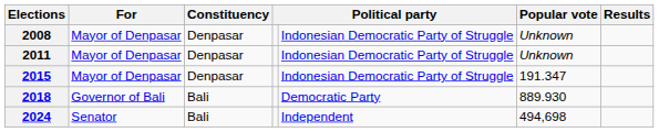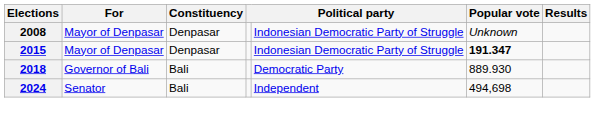 <table class="wikitable">
 <tr>
 <th>Elections</th>
 <th>For</th>
 <th>Constituency</th>
 <th colspan="2">Political party</th>
 <th>Popular vote</th>
 <th>Results</th>
 </tr>
 <tr>
 <th>2008</th>
 <td rowspan="1"><a href='#'>Mayor of Denpasar</a></td>
 <td rowspan="1">Denpasar</td>
 <td></td>
 <td><a href='#'>Indonesian Democratic Party of Struggle</a></td>
 <td><em>Unknown</em></td>
 <td></td>
 </tr>
 <tr>
-<th>2011</th>
-<td rowspan="1"><a href='#'>Mayor of Denpasar</a></td>
-<td rowspan="1">Denpasar</td>
-<td></td>
-<td><a href='#'>Indonesian Democratic Party of Struggle</a></td>
-<td><em>Unknown</em></td>
-<td></td>
-</tr>
-<tr>
 <th><a href='#'>2015</a></th>
 <td rowspan="1"><a href='#'>Mayor of Denpasar</a></td>
 <td rowspan="1">Denpasar</td>
 <td></td>
 <td><a href='#'>Indonesian Democratic Party of Struggle</a></td>
-<td>191.347</td>
+<td><strong>191.347</strong></td>
 <td></td>
 </tr>
 <tr>
 <th><a href='#'>2018</a></th>
 <td rowspan="1"><a href='#'>Governor of Bali</a></td>
 <td rowspan="1">Bali</td>
 <td></td>
 <td><a href='#'>Democratic Party</a></td>
 <td>889.930</td>
 <td></td>
 </tr>
 <tr>
 <th><a href='#'>2024</a></th>
 <td rowspan="1"><a href='#'>Senator</a></td>
 <td rowspan="1">Bali</td>
 <td></td>
 <td><a href='#'>Independent</a></td>
 <td>494,698</td>
 <td></td>
 </tr>
 </table>
